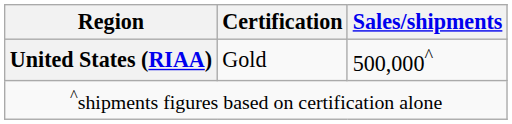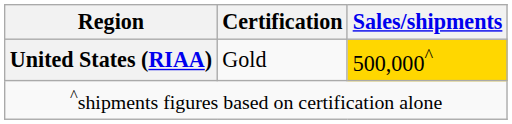 <table class="wikitable sortable plainrowheaders">
 <tr>
 <th scope="col">Region</th>
 <th scope="col">Certification</th>
 <th scope="col"><a href='#'>Sales/shipments</a></th>
 </tr>
 <tr>
 <th scope="row">United States (<a href='#'>RIAA</a>)</th>
 <td>Gold</td>
-<td>500,000<sup>^</sup></td>
+<td style="background: gold;">500,000<sup>^</sup></td>
 </tr>
 <tr>
 <td colspan="3" align="center" style="font-size:90%"><sup>^</sup>shipments figures based on certification alone</td>
 </tr>
 </table>
